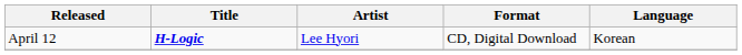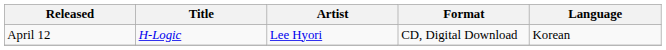 <table class="wikitable sortable" align="left center" style="width:65%;">
 <tr>
 <th style="width:20%;">Released</th>
 <th style="width:20%;">Title</th>
 <th style="width:20%;">Artist</th>
 <th style="width:20%;">Format</th>
 <th style="width:20%;">Language</th>
 </tr>
 <tr>
 <td>April 12</td>
-<td><strong><em><a href='#'>H-Logic</a></em></strong></td>
+<td><em><a href='#'>H-Logic</a></em></td>
 <td><a href='#'>Lee Hyori</a></td>
 <td>CD, Digital Download</td>
 <td>Korean</td>
 </tr>
 <tr>
 </tr>
 </table>
